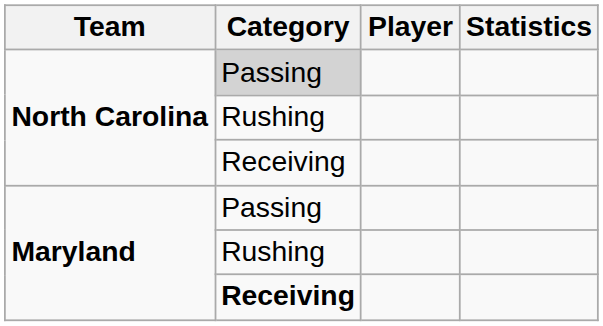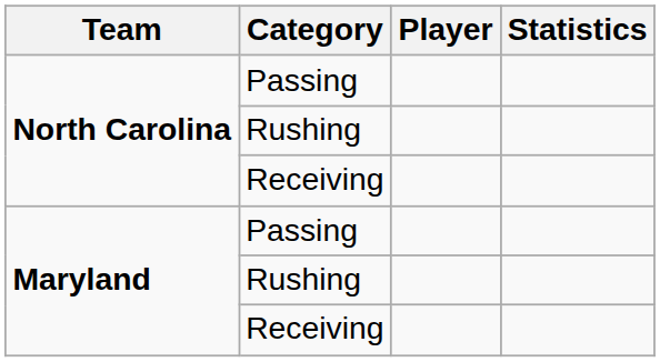 <table class="wikitable" style="float: left;">
 <tr>
 <th>Team</th>
 <th>Category</th>
 <th>Player</th>
 <th>Statistics</th>
 </tr>
 <tr>
 <td rowspan=3><strong>North Carolina</strong></td>
-<td style="background: lightgrey;">Passing</td>
+<td>Passing</td>
 <td></td>
 <td></td>
 </tr>
 <tr>
 <td>Rushing</td>
 <td></td>
 <td></td>
 </tr>
 <tr>
 <td>Receiving</td>
 <td></td>
 <td></td>
 </tr>
 <tr>
 <td rowspan=3><strong>Maryland</strong></td>
 <td>Passing</td>
 <td></td>
 <td></td>
 </tr>
 <tr>
 <td>Rushing</td>
 <td></td>
 <td></td>
 </tr>
 <tr>
-<td><strong>Receiving</strong></td>
+<td>Receiving</td>
 <td></td>
 <td></td>
 </tr>
 </table>
